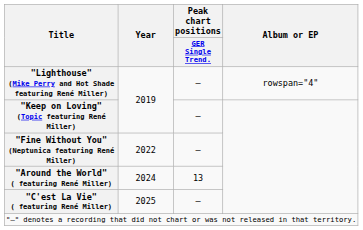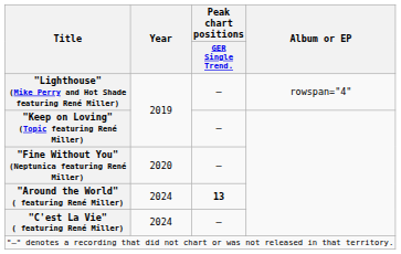 <table class="wikitable plainrowheaders" style="text-align:center;">
 <tr>
 <th scope="col" rowspan="2" style="width:13em;">Title</th>
 <th scope="col" rowspan="2">Year</th>
 <th scope="col" colspan="1">Peak chart positions</th>
 <th scope="col" rowspan="2">Album or EP</th>
 </tr>
 <tr>
 <th scope="col" style="width:3em;font-size:85%;"><a href='#'>GER<br>Single<br>Trend.</a><br></th>
 </tr>
 <tr>
 <th scope="row">"Lighthouse"<br><small>(<a href='#'>Mike Perry</a> and Hot Shade featuring René Miller)</small></th>
 <td rowspan="2">2019</td>
 <td>—</td>
 <td>rowspan="4" </td>
 </tr>
 <tr>
 <th scope="row">"Keep on Loving"<br><small>(<a href='#'>Topic</a> featuring René Miller)</small></th>
 <td>—</td>
 </tr>
 <tr>
 <th scope="row">"Fine Without You"<br><small>(Neptunica featuring René Miller)</small></th>
-<td>2022</td>
+<td>2020</td>
 <td>—</td>
 </tr>
 <tr>
 <th scope="row">"Around the World"<br><small>( featuring René Miller)</small></th>
 <td>2024</td>
-<td>13</td>
+<td><strong>13</strong></td>
 </tr>
 <tr>
 <th scope="row">"C'est La Vie"<br><small>( featuring René Miller)</small></th>
-<td>2025</td>
+<td>2024</td>
 <td>—</td>
 </tr>
 <tr>
 <td colspan="4" style="font-size:85%">"—" denotes a recording that did not chart or was not released in that territory.</td>
 </tr>
 </table>
